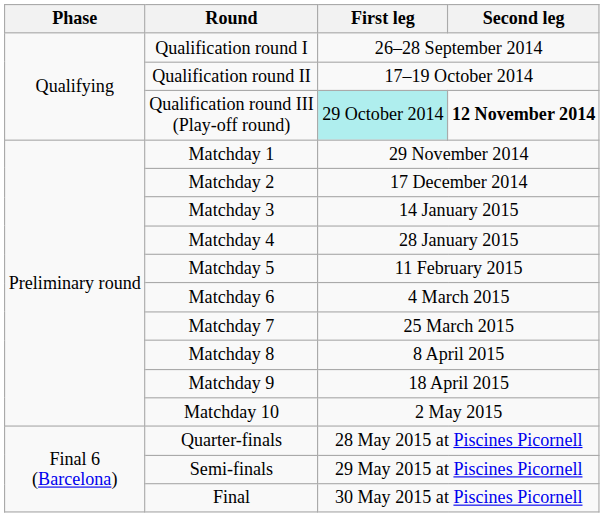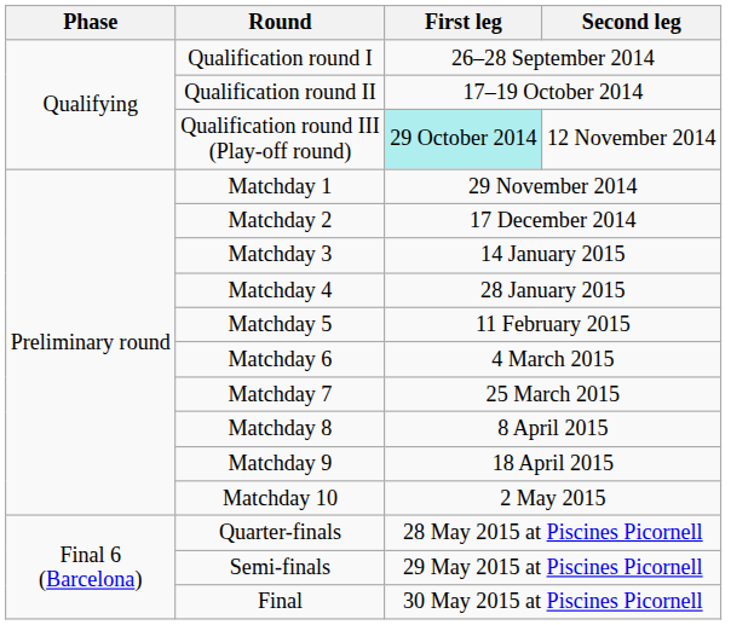 <table class="wikitable" style="text-align:center">
 <tr>
 <th>Phase</th>
 <th>Round</th>
 <th>First leg</th>
 <th>Second leg</th>
 </tr>
 <tr>
 <td rowspan=3>Qualifying</td>
 <td>Qualification round I</td>
 <td colspan=2>26–28 September 2014</td>
 </tr>
 <tr>
 <td>Qualification round II</td>
 <td colspan=2>17–19 October 2014</td>
 </tr>
 <tr>
 <td>Qualification round III <br> (Play-off round)</td>
 <td style="background: paleturquoise;">29 October 2014</td>
-<td><strong>12 November 2014</strong></td>
+<td>12 November 2014</td>
 </tr>
 <tr>
 <td rowspan=10>Preliminary round</td>
 <td>Matchday 1</td>
 <td colspan=2>29 November 2014</td>
 </tr>
 <tr>
 <td>Matchday 2</td>
 <td colspan=2>17 December 2014</td>
 </tr>
 <tr>
 <td>Matchday 3</td>
 <td colspan=2>14 January 2015</td>
 </tr>
 <tr>
 <td>Matchday 4</td>
 <td colspan=2>28 January 2015</td>
 </tr>
 <tr>
 <td>Matchday 5</td>
 <td colspan=2>11 February 2015</td>
 </tr>
 <tr>
 <td>Matchday 6</td>
 <td colspan=2>4 March 2015</td>
 </tr>
 <tr>
 <td>Matchday 7</td>
 <td colspan=2>25 March 2015</td>
 </tr>
 <tr>
 <td>Matchday 8</td>
 <td colspan=2>8 April 2015</td>
 </tr>
 <tr>
 <td>Matchday 9</td>
 <td colspan=2>18 April 2015</td>
 </tr>
 <tr>
 <td>Matchday 10</td>
 <td colspan=2>2 May 2015</td>
 </tr>
 <tr>
 <td rowspan=3>Final 6<br>(<a href='#'>Barcelona</a>)</td>
 <td>Quarter-finals</td>
 <td colspan=2>28 May 2015 at <a href='#'>Piscines Picornell</a></td>
 </tr>
 <tr>
 <td>Semi-finals</td>
 <td colspan=2>29 May 2015 at <a href='#'>Piscines Picornell</a></td>
 </tr>
 <tr>
 <td>Final</td>
 <td colspan=2>30 May 2015 at <a href='#'>Piscines Picornell</a></td>
 </tr>
 </table>
